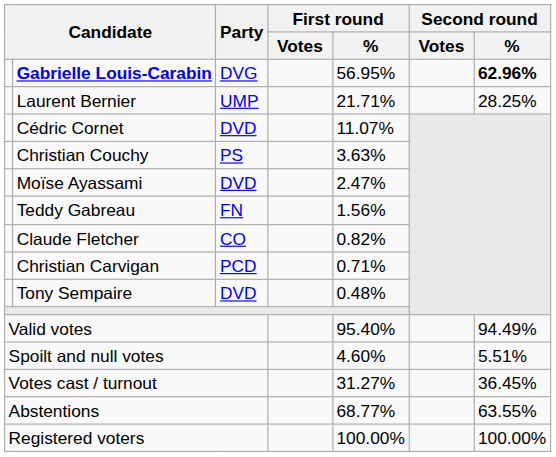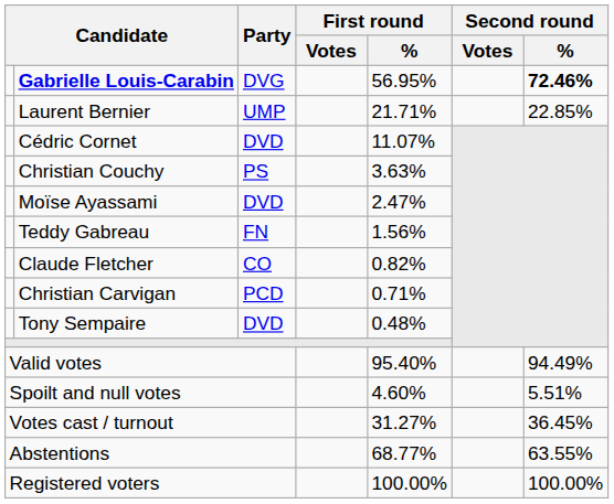 <table class="wikitable" style="text-align:left;font-size:95%;">
 <tr>
 <th rowspan=2 colspan=2>Candidate</th>
 <th rowspan=2 colspan=1>Party</th>
 <th colspan=2>First round</th>
 <th colspan=2>Second round</th>
 </tr>
 <tr>
 <th style="width:50px;">Votes</th>
 <th style="width:55px;">%</th>
 <th style="width:50px;">Votes</th>
 <th style="width:55px;">%</th>
 </tr>
 <tr>
 <td style="color:inherit;background-color:"></td>
 <td><strong><a href='#'>Gabrielle Louis-Carabin</a></strong></td>
 <td><a href='#'>DVG</a></td>
 <td></td>
 <td>56.95%</td>
 <td><strong></strong></td>
-<td><strong>62.96%</strong></td>
+<td><strong>72.46%</strong></td>
 </tr>
 <tr>
 <td style="color:inherit;background-color:"></td>
 <td>Laurent Bernier</td>
 <td><a href='#'>UMP</a></td>
 <td></td>
 <td>21.71%</td>
 <td></td>
-<td>28.25%</td>
+<td>22.85%</td>
 </tr>
 <tr>
 <td style="color:inherit;background-color:"></td>
 <td>Cédric Cornet</td>
 <td><a href='#'>DVD</a></td>
 <td></td>
 <td>11.07%</td>
 <td colspan=7 rowspan=8 style="background-color:#E9E9E9;"></td>
 </tr>
 <tr>
 <td style="color:inherit;background-color:"></td>
 <td>Christian Couchy</td>
 <td><a href='#'>PS</a></td>
 <td></td>
 <td>3.63%</td>
 </tr>
 <tr>
 <td style="color:inherit;background-color:"></td>
 <td>Moïse Ayassami</td>
 <td><a href='#'>DVD</a></td>
 <td></td>
 <td>2.47%</td>
 </tr>
 <tr>
 <td style="color:inherit;background-color:"></td>
 <td>Teddy Gabreau</td>
 <td><a href='#'>FN</a></td>
 <td></td>
 <td>1.56%</td>
 </tr>
 <tr>
 <td style="color:inherit;background-color:"></td>
 <td>Claude Fletcher</td>
 <td><a href='#'>CO</a></td>
 <td></td>
 <td>0.82%</td>
 </tr>
 <tr>
 <td style="color:inherit;background-color:"></td>
 <td>Christian Carvigan</td>
 <td><a href='#'>PCD</a></td>
 <td></td>
 <td>0.71%</td>
 </tr>
 <tr>
 <td style="color:inherit;background-color:"></td>
 <td>Tony Sempaire</td>
 <td><a href='#'>DVD</a></td>
 <td></td>
 <td>0.48%</td>
 </tr>
 <tr>
 <td colspan=7 style="background-color:#E9E9E9;"></td>
 </tr>
 <tr>
 <td colspan=3>Valid votes</td>
 <td></td>
 <td>95.40%</td>
 <td></td>
 <td>94.49%</td>
 </tr>
 <tr>
 <td colspan=3>Spoilt and null votes</td>
 <td></td>
 <td>4.60%</td>
 <td></td>
 <td>5.51%</td>
 </tr>
 <tr>
 <td colspan=3>Votes cast / turnout</td>
 <td></td>
 <td>31.27%</td>
 <td></td>
 <td>36.45%</td>
 </tr>
 <tr>
 <td colspan=3>Abstentions</td>
 <td></td>
 <td>68.77%</td>
 <td></td>
 <td>63.55%</td>
 </tr>
 <tr>
 <td colspan=3>Registered voters</td>
 <td></td>
 <td>100.00%</td>
 <td></td>
 <td>100.00%</td>
 </tr>
 </table>
